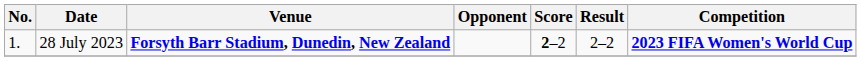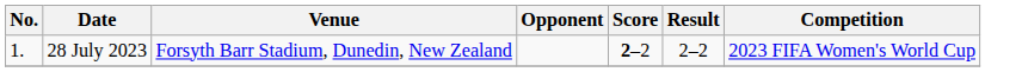 <table class="wikitable">
 <tr>
 <th>No.</th>
 <th>Date</th>
 <th>Venue</th>
 <th>Opponent</th>
 <th>Score</th>
 <th>Result</th>
 <th>Competition</th>
 </tr>
 <tr>
 <td>1.</td>
 <td>28 July 2023</td>
-<td><strong><a href='#'>Forsyth Barr Stadium</a>, <a href='#'>Dunedin</a>, <a href='#'>New Zealand</a></strong></td>
+<td><a href='#'>Forsyth Barr Stadium</a>, <a href='#'>Dunedin</a>, <a href='#'>New Zealand</a></td>
 <td></td>
 <td align=center><strong>2</strong>–2</td>
 <td align=center>2–2</td>
-<td><strong><a href='#'>2023 FIFA Women's World Cup</a></strong></td>
+<td><a href='#'>2023 FIFA Women's World Cup</a></td>
 </tr>
 <tr>
 </tr>
 </table>
